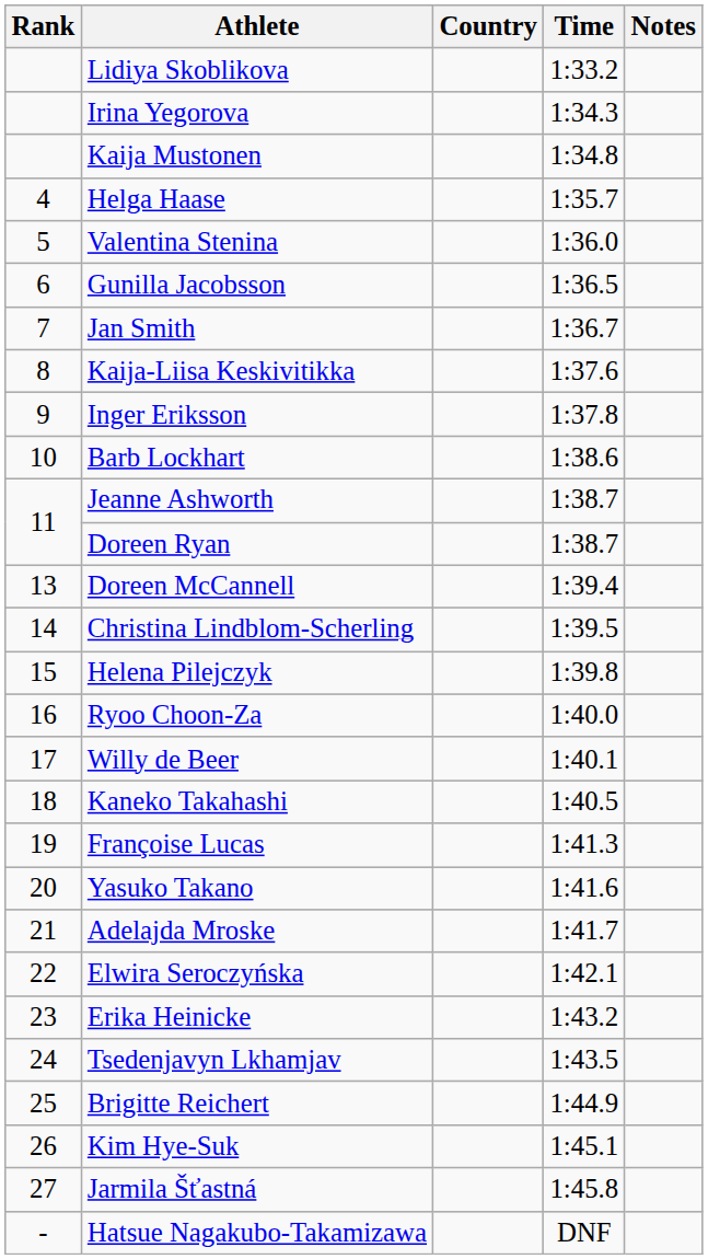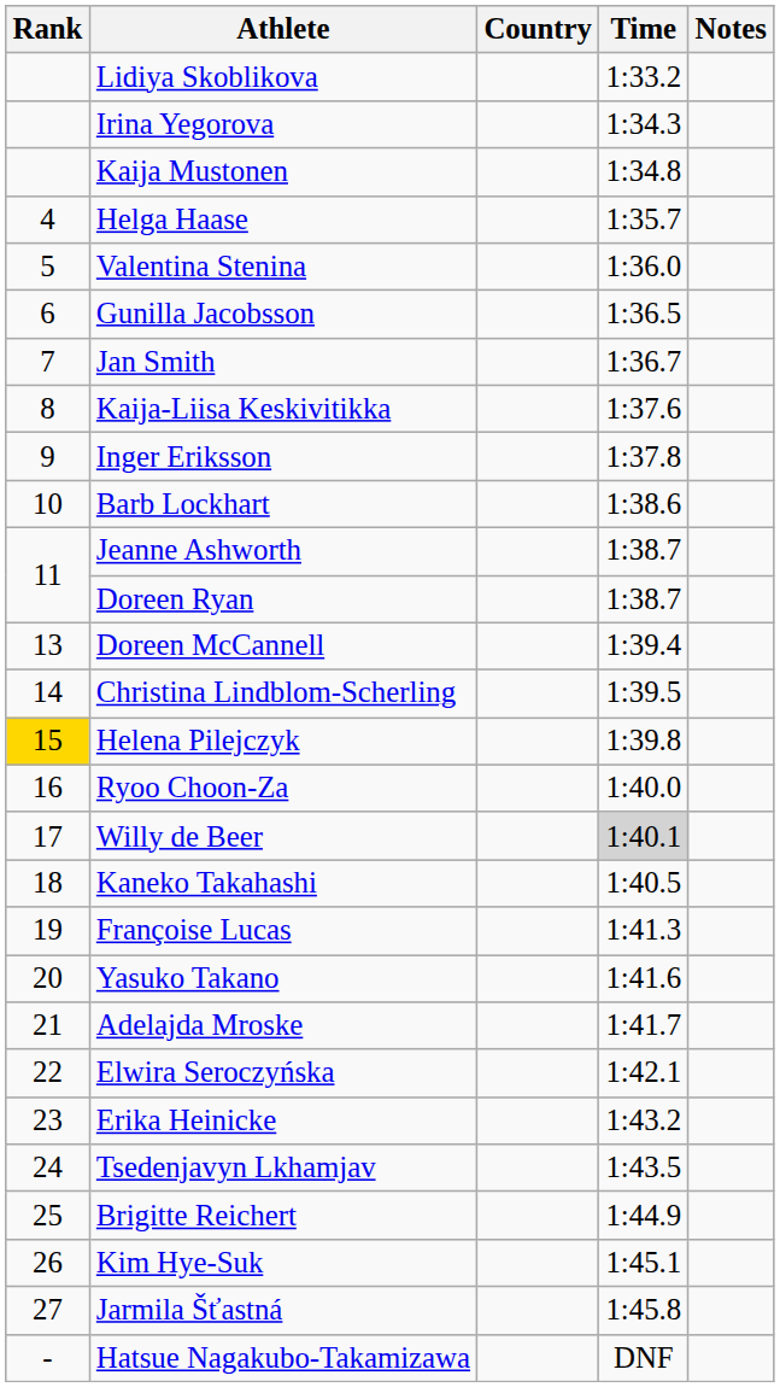 <table class="wikitable sortable" style="text-align:center">
 <tr>
 <th>Rank</th>
 <th>Athlete</th>
 <th>Country</th>
 <th>Time</th>
 <th>Notes</th>
 </tr>
 <tr>
 <td></td>
 <td align=left><a href='#'>Lidiya Skoblikova</a></td>
 <td align=left></td>
 <td>1:33.2</td>
 <td></td>
 </tr>
 <tr>
 <td></td>
 <td align=left><a href='#'>Irina Yegorova</a></td>
 <td align=left></td>
 <td>1:34.3</td>
 <td></td>
 </tr>
 <tr>
 <td></td>
 <td align=left><a href='#'>Kaija Mustonen</a></td>
 <td align=left></td>
 <td>1:34.8</td>
 <td></td>
 </tr>
 <tr>
 <td>4</td>
 <td align=left><a href='#'>Helga Haase</a></td>
 <td align=left></td>
 <td>1:35.7</td>
 <td></td>
 </tr>
 <tr>
 <td>5</td>
 <td align=left><a href='#'>Valentina Stenina</a></td>
 <td align=left></td>
 <td>1:36.0</td>
 <td></td>
 </tr>
 <tr>
 <td>6</td>
 <td align=left><a href='#'>Gunilla Jacobsson</a></td>
 <td align=left></td>
 <td>1:36.5</td>
 <td></td>
 </tr>
 <tr>
 <td>7</td>
 <td align=left><a href='#'>Jan Smith</a></td>
 <td align=left></td>
 <td>1:36.7</td>
 <td></td>
 </tr>
 <tr>
 <td>8</td>
 <td align=left><a href='#'>Kaija-Liisa Keskivitikka</a></td>
 <td align=left></td>
 <td>1:37.6</td>
 <td></td>
 </tr>
 <tr>
 <td>9</td>
 <td align=left><a href='#'>Inger Eriksson</a></td>
 <td align=left></td>
 <td>1:37.8</td>
 <td></td>
 </tr>
 <tr>
 <td>10</td>
 <td align=left><a href='#'>Barb Lockhart</a></td>
 <td align=left></td>
 <td>1:38.6</td>
 <td></td>
 </tr>
 <tr>
 <td rowspan=2>11</td>
 <td align=left><a href='#'>Jeanne Ashworth</a></td>
 <td align=left></td>
 <td>1:38.7</td>
 <td></td>
 </tr>
 <tr>
 <td align=left><a href='#'>Doreen Ryan</a></td>
 <td align=left></td>
 <td>1:38.7</td>
 <td></td>
 </tr>
 <tr>
 <td>13</td>
 <td align=left><a href='#'>Doreen McCannell</a></td>
 <td align=left></td>
 <td>1:39.4</td>
 <td></td>
 </tr>
 <tr>
 <td>14</td>
 <td align=left><a href='#'>Christina Lindblom-Scherling</a></td>
 <td align=left></td>
 <td>1:39.5</td>
 <td></td>
 </tr>
 <tr>
-<td>15</td>
+<td style="background: gold;">15</td>
 <td align=left><a href='#'>Helena Pilejczyk</a></td>
 <td align=left></td>
 <td>1:39.8</td>
 <td></td>
 </tr>
 <tr>
 <td>16</td>
 <td align=left><a href='#'>Ryoo Choon-Za</a></td>
 <td align=left></td>
 <td>1:40.0</td>
 <td></td>
 </tr>
 <tr>
 <td>17</td>
 <td align=left><a href='#'>Willy de Beer</a></td>
 <td align=left></td>
-<td>1:40.1</td>
+<td style="background: lightgrey;">1:40.1</td>
 <td></td>
 </tr>
 <tr>
 <td>18</td>
 <td align=left><a href='#'>Kaneko Takahashi</a></td>
 <td align=left></td>
 <td>1:40.5</td>
 <td></td>
 </tr>
 <tr>
 <td>19</td>
 <td align=left><a href='#'>Françoise Lucas</a></td>
 <td align=left></td>
 <td>1:41.3</td>
 <td></td>
 </tr>
 <tr>
 <td>20</td>
 <td align=left><a href='#'>Yasuko Takano</a></td>
 <td align=left></td>
 <td>1:41.6</td>
 <td></td>
 </tr>
 <tr>
 <td>21</td>
 <td align=left><a href='#'>Adelajda Mroske</a></td>
 <td align=left></td>
 <td>1:41.7</td>
 <td></td>
 </tr>
 <tr>
 <td>22</td>
 <td align=left><a href='#'>Elwira Seroczyńska</a></td>
 <td align=left></td>
 <td>1:42.1</td>
 <td></td>
 </tr>
 <tr>
 <td>23</td>
 <td align=left><a href='#'>Erika Heinicke</a></td>
 <td align=left></td>
 <td>1:43.2</td>
 <td></td>
 </tr>
 <tr>
 <td>24</td>
 <td align=left><a href='#'>Tsedenjavyn Lkhamjav</a></td>
 <td align=left></td>
 <td>1:43.5</td>
 <td></td>
 </tr>
 <tr>
 <td>25</td>
 <td align=left><a href='#'>Brigitte Reichert</a></td>
 <td align=left></td>
 <td>1:44.9</td>
 <td></td>
 </tr>
 <tr>
 <td>26</td>
 <td align=left><a href='#'>Kim Hye-Suk</a></td>
 <td align=left></td>
 <td>1:45.1</td>
 <td></td>
 </tr>
 <tr>
 <td>27</td>
 <td align=left><a href='#'>Jarmila Šťastná</a></td>
 <td align=left></td>
 <td>1:45.8</td>
 <td></td>
 </tr>
 <tr>
 <td>-</td>
 <td align=left><a href='#'>Hatsue Nagakubo-Takamizawa</a></td>
 <td align=left></td>
 <td>DNF</td>
 </tr>
 </table>
